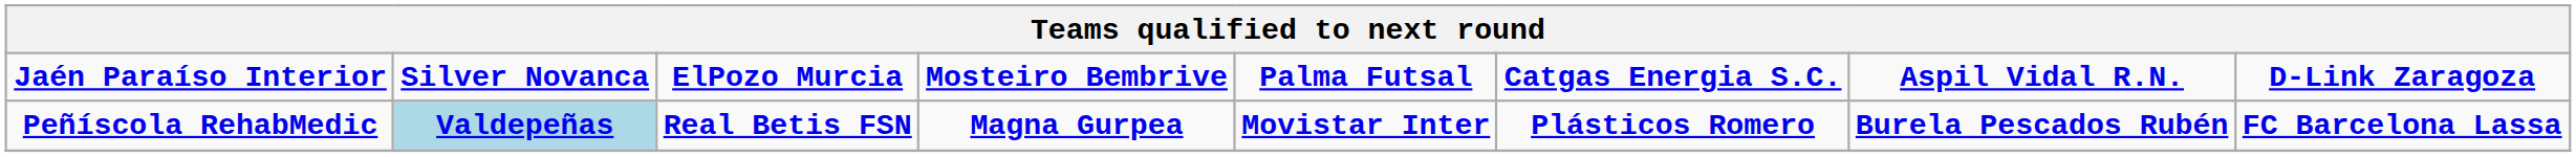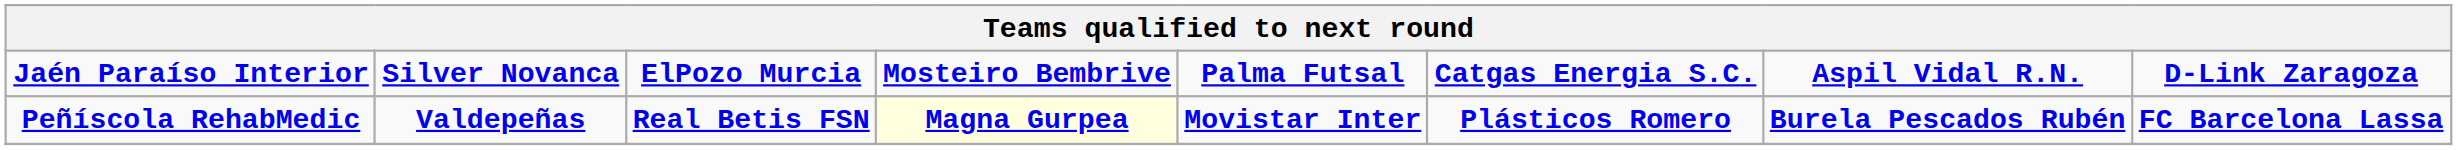 <table class="wikitable" style="text-align: center; margin: 0 auto;">
 <tr>
 <th colspan=8>Teams qualified to next round</th>
 </tr>
 <tr>
 <td><strong><a href='#'>Jaén Paraíso Interior</a></strong></td>
 <td><strong><a href='#'>Silver Novanca</a></strong></td>
 <td><strong><a href='#'>ElPozo Murcia</a></strong></td>
 <td><strong><a href='#'>Mosteiro Bembrive</a></strong></td>
 <td><strong><a href='#'>Palma Futsal</a></strong></td>
 <td><strong><a href='#'>Catgas Energia S.C.</a></strong></td>
 <td><strong><a href='#'>Aspil Vidal R.N.</a></strong></td>
 <td><strong><a href='#'>D-Link Zaragoza</a></strong></td>
 </tr>
 <tr>
 <td><strong><a href='#'>Peñíscola RehabMedic</a></strong></td>
-<td style="background: lightblue;"><strong><a href='#'>Valdepeñas</a></strong></td>
+<td><strong><a href='#'>Valdepeñas</a></strong></td>
 <td><strong><a href='#'>Real Betis FSN</a></strong></td>
-<td><strong><a href='#'>Magna Gurpea</a></strong></td>
+<td style="background: lightyellow;"><strong><a href='#'>Magna Gurpea</a></strong></td>
 <td><strong><a href='#'>Movistar Inter</a></strong></td>
 <td><strong><a href='#'>Plásticos Romero</a></strong></td>
 <td><strong><a href='#'>Burela Pescados Rubén</a></strong></td>
 <td><strong><a href='#'>FC Barcelona Lassa</a></strong></td>
 </tr>
 <tr>
 </tr>
 </table>
